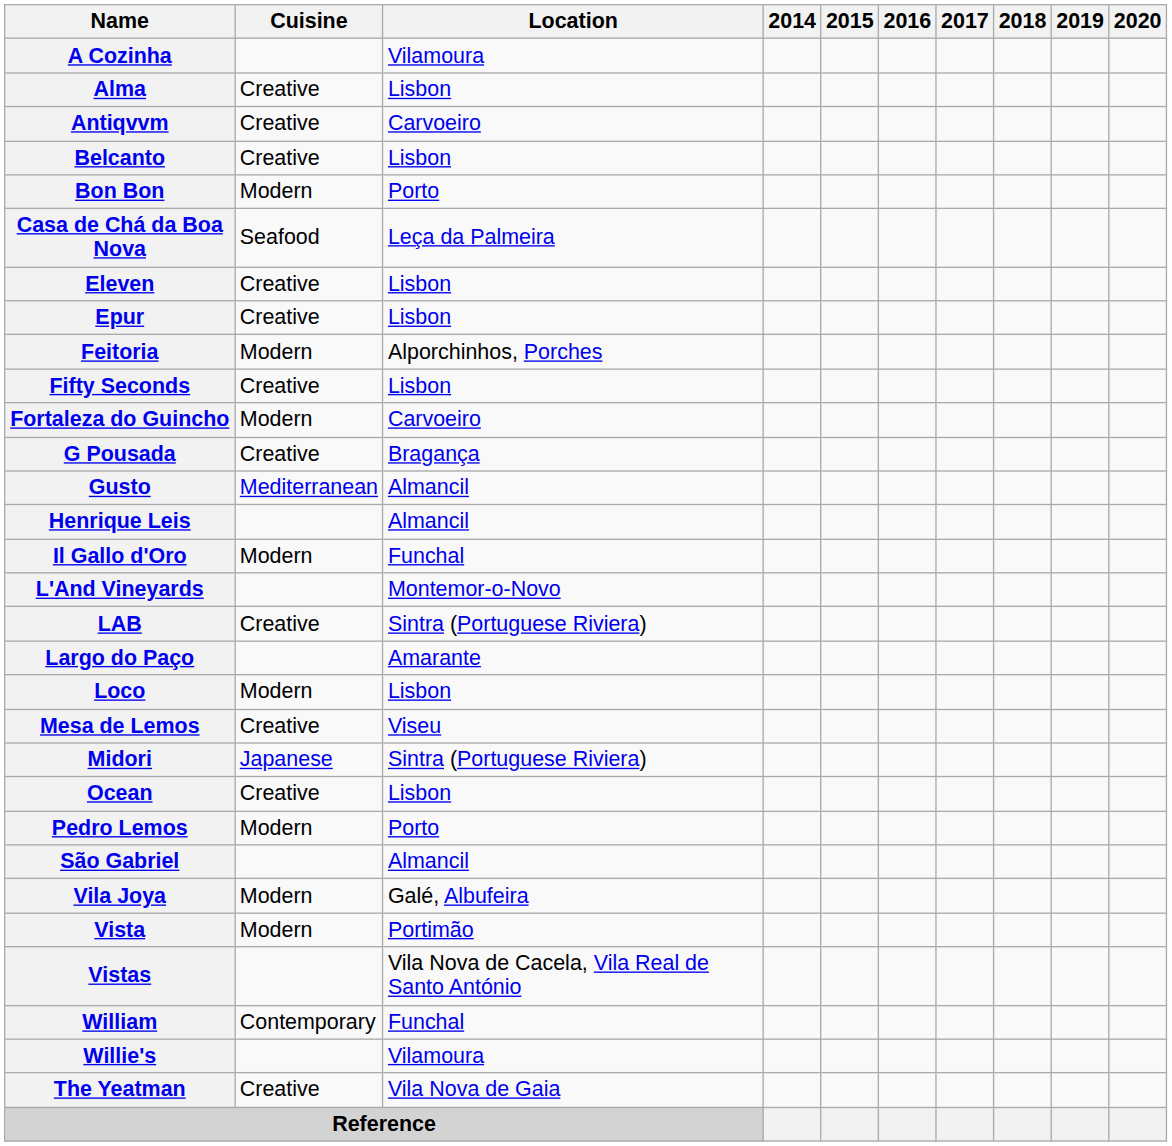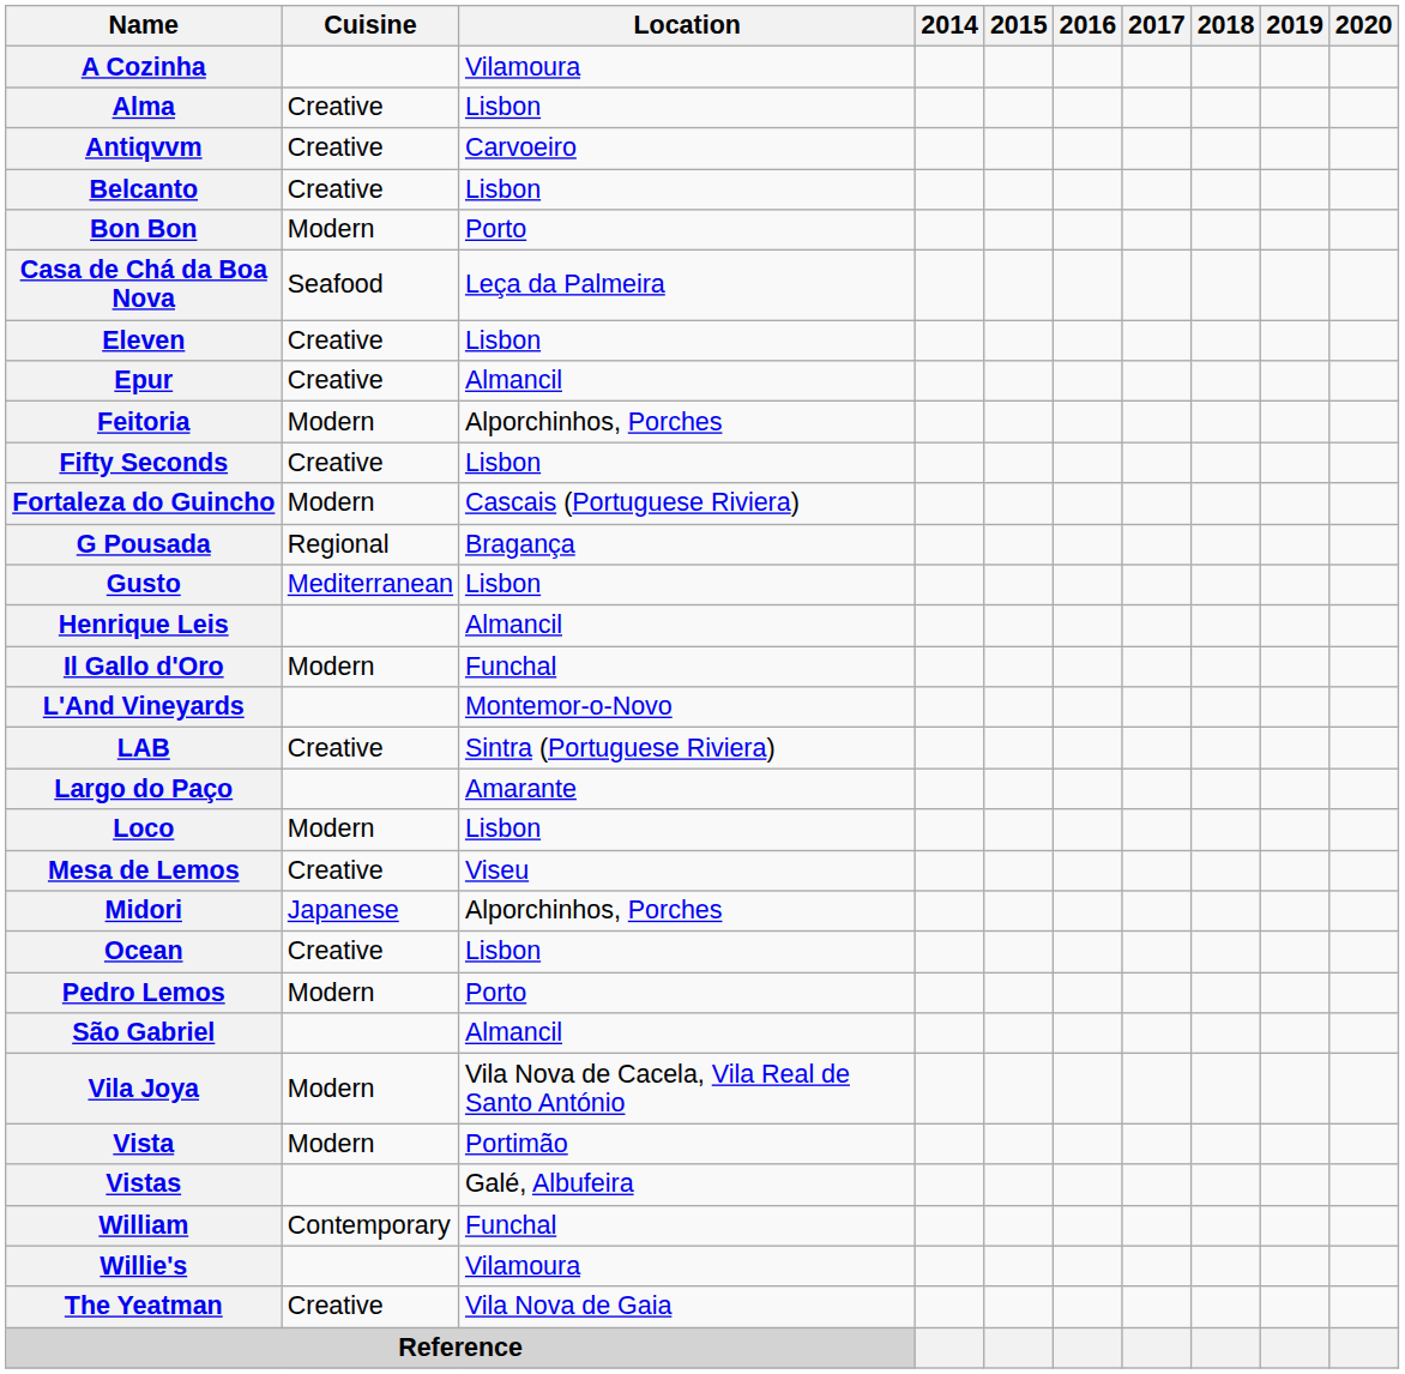 <table class="wikitable sortable plainrowheaders">
 <tr>
 <th scope="col">Name</th>
 <th scope="col">Cuisine</th>
 <th scope="col">Location</th>
 <th scope="col">2014</th>
 <th scope="col">2015</th>
 <th scope="col">2016</th>
 <th scope="col">2017</th>
 <th scope="col">2018</th>
 <th scope="col">2019</th>
 <th scope="col">2020</th>
 </tr>
 <tr>
 <th scope="row"><a href='#'>A Cozinha</a></th>
 <td></td>
 <td><a href='#'>Vilamoura</a></td>
 <td></td>
 <td></td>
 <td></td>
 <td></td>
 <td></td>
 <td></td>
 <td></td>
 </tr>
 <tr>
 <th scope="row"><a href='#'>Alma</a></th>
 <td>Creative</td>
 <td><a href='#'>Lisbon</a></td>
 <td></td>
 <td></td>
 <td></td>
 <td></td>
 <td></td>
 <td></td>
 <td></td>
 </tr>
 <tr>
 <th scope="row"><a href='#'>Antiqvvm</a></th>
 <td>Creative</td>
 <td><a href='#'> Carvoeiro</a></td>
 <td></td>
 <td></td>
 <td></td>
 <td></td>
 <td></td>
 <td></td>
 <td></td>
 </tr>
 <tr>
 <th scope="row"><a href='#'>Belcanto</a></th>
 <td>Creative</td>
 <td><a href='#'>Lisbon</a></td>
 <td></td>
 <td></td>
 <td></td>
 <td></td>
 <td></td>
 <td></td>
 <td></td>
 </tr>
 <tr>
 <th scope="row"><a href='#'>Bon Bon</a></th>
 <td>Modern</td>
 <td><a href='#'>Porto</a></td>
 <td></td>
 <td></td>
 <td></td>
 <td></td>
 <td></td>
 <td></td>
 <td></td>
 </tr>
 <tr>
 <th scope="row"><a href='#'>Casa de Chá da Boa Nova</a></th>
 <td>Seafood</td>
 <td><a href='#'>Leça da Palmeira</a></td>
 <td></td>
 <td></td>
 <td></td>
 <td></td>
 <td></td>
 <td></td>
 <td></td>
 </tr>
 <tr>
 <th scope="row"><a href='#'>Eleven</a></th>
 <td>Creative</td>
 <td><a href='#'>Lisbon</a></td>
 <td></td>
 <td></td>
 <td></td>
 <td></td>
 <td></td>
 <td></td>
 <td></td>
 </tr>
 <tr>
 <th scope="row"><a href='#'>Epur</a></th>
 <td>Creative</td>
-<td><a href='#'>Lisbon</a></td>
+<td><a href='#'>Almancil</a></td>
 <td></td>
 <td></td>
 <td></td>
 <td></td>
 <td></td>
 <td></td>
 <td></td>
 </tr>
 <tr>
 <th scope="row"><a href='#'>Feitoria</a></th>
 <td>Modern</td>
 <td>Alporchinhos, <a href='#'> Porches</a></td>
 <td></td>
 <td></td>
 <td></td>
 <td></td>
 <td></td>
 <td></td>
 <td></td>
 </tr>
 <tr>
 <th scope="row"><a href='#'>Fifty Seconds</a></th>
 <td>Creative</td>
 <td><a href='#'>Lisbon</a></td>
 <td></td>
 <td></td>
 <td></td>
 <td></td>
 <td></td>
 <td></td>
 <td></td>
 </tr>
 <tr>
 <th scope="row"><a href='#'>Fortaleza do Guincho</a></th>
 <td>Modern</td>
-<td><a href='#'> Carvoeiro</a></td>
+<td><a href='#'>Cascais</a> (<a href='#'>Portuguese Riviera</a>)</td>
 <td></td>
 <td></td>
 <td></td>
 <td></td>
 <td></td>
 <td></td>
 <td></td>
 </tr>
 <tr>
 <th scope="row"><a href='#'>G Pousada</a></th>
-<td>Creative</td>
+<td>Regional</td>
 <td><a href='#'>Bragança</a></td>
 <td></td>
 <td></td>
 <td></td>
 <td></td>
 <td></td>
 <td></td>
 <td></td>
 </tr>
 <tr>
 <th scope="row"><a href='#'>Gusto</a></th>
 <td><a href='#'>Mediterranean</a></td>
-<td><a href='#'>Almancil</a></td>
+<td><a href='#'>Lisbon</a></td>
 <td></td>
 <td></td>
 <td></td>
 <td></td>
 <td></td>
 <td></td>
 <td></td>
 </tr>
 <tr>
 <th scope="row"><a href='#'>Henrique Leis</a></th>
 <td></td>
 <td><a href='#'>Almancil</a></td>
 <td></td>
 <td></td>
 <td></td>
 <td></td>
 <td></td>
 <td></td>
 <td></td>
 </tr>
 <tr>
 <th scope="row"><a href='#'>Il Gallo d'Oro</a></th>
 <td>Modern</td>
 <td><a href='#'>Funchal</a></td>
 <td></td>
 <td></td>
 <td></td>
 <td></td>
 <td></td>
 <td></td>
 <td></td>
 </tr>
 <tr>
 <th scope="row"><a href='#'>L'And Vineyards</a></th>
 <td></td>
 <td><a href='#'>Montemor-o-Novo</a></td>
 <td></td>
 <td></td>
 <td></td>
 <td></td>
 <td></td>
 <td></td>
 <td></td>
 </tr>
 <tr>
 <th scope="row"><a href='#'>LAB</a></th>
 <td>Creative</td>
 <td><a href='#'>Sintra</a> (<a href='#'>Portuguese Riviera</a>)</td>
 <td></td>
 <td></td>
 <td></td>
 <td></td>
 <td></td>
 <td></td>
 <td></td>
 </tr>
 <tr>
 <th scope="row"><a href='#'>Largo do Paço</a></th>
 <td></td>
 <td><a href='#'>Amarante</a></td>
 <td></td>
 <td></td>
 <td></td>
 <td></td>
 <td></td>
 <td></td>
 <td></td>
 </tr>
 <tr>
 <th scope="row"><a href='#'>Loco</a></th>
 <td>Modern</td>
 <td><a href='#'>Lisbon</a></td>
 <td></td>
 <td></td>
 <td></td>
 <td></td>
 <td></td>
 <td></td>
 <td></td>
 </tr>
 <tr>
 <th scope="row"><a href='#'>Mesa de Lemos</a></th>
 <td>Creative</td>
 <td><a href='#'>Viseu</a></td>
 <td></td>
 <td></td>
 <td></td>
 <td></td>
 <td></td>
 <td></td>
 <td></td>
 </tr>
 <tr>
 <th scope="row"><a href='#'>Midori</a></th>
 <td><a href='#'>Japanese</a></td>
-<td><a href='#'>Sintra</a> (<a href='#'>Portuguese Riviera</a>)</td>
+<td>Alporchinhos, <a href='#'> Porches</a></td>
 <td></td>
 <td></td>
 <td></td>
 <td></td>
 <td></td>
 <td></td>
 <td></td>
 </tr>
 <tr>
 <th scope="row"><a href='#'>Ocean</a></th>
 <td>Creative</td>
 <td><a href='#'>Lisbon</a></td>
 <td></td>
 <td></td>
 <td></td>
 <td></td>
 <td></td>
 <td></td>
 <td></td>
 </tr>
 <tr>
 <th scope="row"><a href='#'>Pedro Lemos</a></th>
 <td>Modern</td>
 <td><a href='#'>Porto</a></td>
 <td></td>
 <td></td>
 <td></td>
 <td></td>
 <td></td>
 <td></td>
 <td></td>
 </tr>
 <tr>
 <th scope="row"><a href='#'>São Gabriel</a></th>
 <td></td>
 <td><a href='#'>Almancil</a></td>
 <td></td>
 <td></td>
 <td></td>
 <td></td>
 <td></td>
 <td></td>
 <td></td>
 </tr>
 <tr>
 <th scope="row"><a href='#'>Vila Joya</a></th>
 <td>Modern</td>
-<td>Galé, <a href='#'>Albufeira</a></td>
+<td>Vila Nova de Cacela, <a href='#'>Vila Real de Santo António</a></td>
 <td></td>
 <td></td>
 <td></td>
 <td></td>
 <td></td>
 <td></td>
 <td></td>
 </tr>
 <tr>
 <th scope="row"><a href='#'>Vista</a></th>
 <td>Modern</td>
 <td><a href='#'>Portimão</a></td>
 <td></td>
 <td></td>
 <td></td>
 <td></td>
 <td></td>
 <td></td>
 <td></td>
 </tr>
 <tr>
 <th scope="row"><a href='#'>Vistas</a></th>
 <td></td>
-<td>Vila Nova de Cacela, <a href='#'>Vila Real de Santo António</a></td>
+<td>Galé, <a href='#'>Albufeira</a></td>
 <td></td>
 <td></td>
 <td></td>
 <td></td>
 <td></td>
 <td></td>
 <td></td>
 </tr>
 <tr>
 <th scope="row"><a href='#'>William</a></th>
 <td>Contemporary</td>
 <td><a href='#'>Funchal</a></td>
 <td></td>
 <td></td>
 <td></td>
 <td></td>
 <td></td>
 <td></td>
 <td></td>
 </tr>
 <tr>
 <th scope="row"><a href='#'>Willie's</a></th>
 <td></td>
 <td><a href='#'>Vilamoura</a></td>
 <td></td>
 <td></td>
 <td></td>
 <td></td>
 <td></td>
 <td></td>
 <td></td>
 </tr>
 <tr>
 <th scope="row"><a href='#'>The Yeatman</a></th>
 <td>Creative</td>
 <td><a href='#'>Vila Nova de Gaia</a></td>
 <td></td>
 <td></td>
 <td></td>
 <td></td>
 <td></td>
 <td></td>
 <td></td>
 </tr>
 <tr>
 <th colspan="3" style="text-align: center;background: lightgray;">Reference</th>
 <th></th>
 <th></th>
 <th></th>
 <th></th>
 <th></th>
 <th></th>
 <th></th>
 </tr>
 </table>
